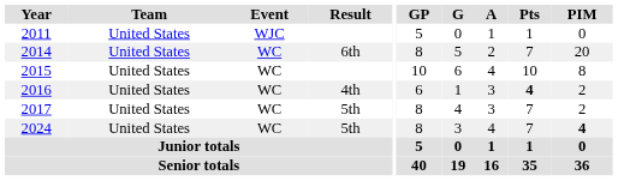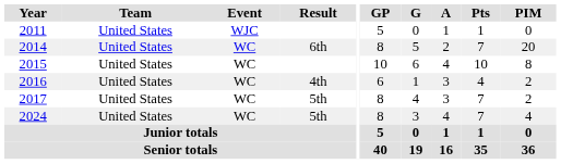 <table border="0" cellpadding="1" cellspacing="0" ID="Table3" style="text-align:center; width:40em;">
 <tr bgcolor="#e0e0e0">
 <th>Year</th>
 <th>Team</th>
 <th>Event</th>
 <th>Result</th>
 <th rowspan="99" bgcolor="#ffffff"></th>
 <th>GP</th>
 <th>G</th>
 <th>A</th>
 <th>Pts</th>
 <th>PIM</th>
 </tr>
 <tr>
 <td><a href='#'>2011</a></td>
 <td><a href='#'>United States</a></td>
 <td><a href='#'>WJC</a></td>
 <td></td>
 <td>5</td>
 <td>0</td>
 <td>1</td>
 <td>1</td>
 <td>0</td>
 </tr>
 <tr bgcolor="#f0f0f0">
 <td><a href='#'>2014</a></td>
 <td><a href='#'>United States</a></td>
 <td><a href='#'>WC</a></td>
 <td>6th</td>
 <td>8</td>
 <td>5</td>
 <td>2</td>
 <td>7</td>
 <td>20</td>
 </tr>
 <tr>
 <td><a href='#'>2015</a></td>
 <td>United States</td>
 <td>WC</td>
 <td></td>
 <td>10</td>
 <td>6</td>
 <td>4</td>
 <td>10</td>
 <td>8</td>
 </tr>
 <tr bgcolor="#f0f0f0">
 <td><a href='#'>2016</a></td>
 <td>United States</td>
 <td>WC</td>
 <td>4th</td>
 <td>6</td>
 <td>1</td>
 <td>3</td>
-<td><strong>4</strong></td>
+<td>4</td>
 <td>2</td>
 </tr>
 <tr>
 <td><a href='#'>2017</a></td>
 <td>United States</td>
 <td>WC</td>
 <td>5th</td>
 <td>8</td>
 <td>4</td>
 <td>3</td>
 <td>7</td>
 <td>2</td>
 </tr>
 <tr bgcolor="#f0f0f0">
 <td><a href='#'>2024</a></td>
 <td>United States</td>
 <td>WC</td>
 <td>5th</td>
 <td>8</td>
 <td>3</td>
 <td>4</td>
 <td>7</td>
-<td><strong>4</strong></td>
+<td>4</td>
 </tr>
 <tr bgcolor="#e0e0e0">
 <th colspan="4">Junior totals</th>
 <th>5</th>
 <th>0</th>
 <th>1</th>
 <th>1</th>
 <th>0</th>
 </tr>
 <tr bgcolor="#e0e0e0">
 <th colspan="4">Senior totals</th>
 <th>40</th>
 <th>19</th>
 <th>16</th>
 <th>35</th>
 <th>36</th>
 </tr>
 </table>
